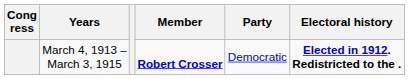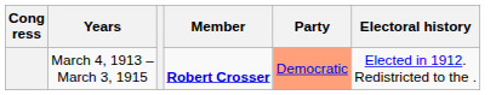 <table class=wikitable style="text-align:center">
 <tr style="height:3em">
 <th>Cong<br>ress</th>
 <th>Years</th>
 <th rowspan=6></th>
 <th>Member</th>
 <th>Party</th>
 <th>Electoral history</th>
 </tr>
 <tr style="height:3em">
 <th></th>
 <td nowrap>March 4, 1913 –<br>March 3, 1915</td>
 <td align=left><br><strong><a href='#'>Robert Crosser</a></strong><br></td>
-<td><a href='#'>Democratic</a></td>
-<td><strong><a href='#'>Elected in 1912</a>.<br>Redistricted to the .</strong></td>
+<td style="background: lightsalmon;"><a href='#'>Democratic</a></td>
+<td><a href='#'>Elected in 1912</a>.<br>Redistricted to the .</td>
 </tr>
 </table>
